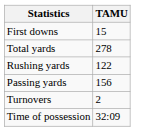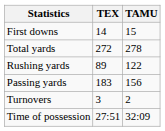 <table class="wikitable" style="float: left;">
 <tr>
 <th>Statistics</th>
+<th>TEX</th>
 <th>TAMU</th>
 </tr>
 <tr>
 <td>First downs</td>
+<td>14</td>
 <td>15</td>
 </tr>
 <tr>
 <td>Total yards</td>
+<td>272</td>
 <td>278</td>
 </tr>
 <tr>
 <td>Rushing yards</td>
+<td>89</td>
 <td>122</td>
 </tr>
 <tr>
 <td>Passing yards</td>
+<td>183</td>
 <td>156</td>
 </tr>
 <tr>
 <td>Turnovers</td>
+<td>3</td>
 <td>2</td>
 </tr>
 <tr>
 <td>Time of possession</td>
+<td>27:51</td>
 <td>32:09</td>
 </tr>
 </table>
